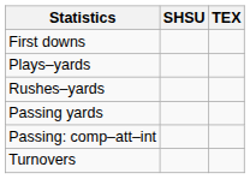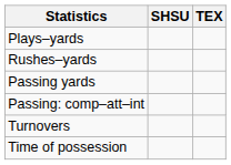 <table class="wikitable" style="float:left">
 <tr>
 <th>Statistics</th>
 <th>SHSU</th>
 <th>TEX</th>
-</tr>
-<tr>
-<td>First downs</td>
-<td></td>
-<td></td>
 </tr>
 <tr>
 <td>Plays–yards</td>
 <td></td>
 <td></td>
 </tr>
 <tr>
 <td>Rushes–yards</td>
 <td></td>
 <td></td>
 </tr>
 <tr>
 <td>Passing yards</td>
 <td></td>
 <td></td>
 </tr>
 <tr>
 <td>Passing: comp–att–int</td>
 <td></td>
 <td></td>
 </tr>
 <tr>
 <td>Turnovers</td>
 <td></td>
 <td></td>
 </tr>
+<tr>
+<td>Time of possession</td>
+<td></td>
+<td></td>
+</tr>
 </table>
